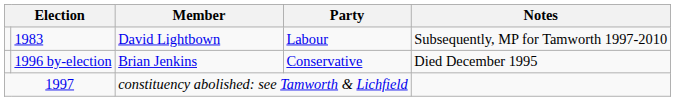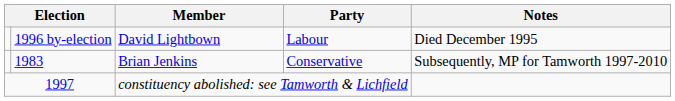 <table class="wikitable">
 <tr>
 <th colspan="2">Election</th>
 <th>Member</th>
 <th>Party</th>
 <th>Notes</th>
 </tr>
 <tr>
 <td style="color:inherit;background-color: "></td>
-<td><a href='#'>1983</a></td>
+<td><a href='#'>1996 by-election</a></td>
 <td><a href='#'>David Lightbown</a></td>
 <td><a href='#'>Labour</a></td>
-<td>Subsequently, MP for Tamworth 1997-2010</td>
+<td>Died December 1995</td>
 </tr>
 <tr>
 <td style="color:inherit;background-color: "></td>
-<td><a href='#'>1996 by-election</a></td>
+<td><a href='#'>1983</a></td>
 <td><a href='#'>Brian Jenkins</a></td>
 <td><a href='#'>Conservative</a></td>
-<td>Died December 1995</td>
+<td>Subsequently, MP for Tamworth 1997-2010</td>
 </tr>
 <tr>
 <td colspan="2" align="center"><a href='#'>1997</a></td>
 <td colspan="2"><em>constituency abolished: see <a href='#'>Tamworth</a> & <a href='#'>Lichfield</a></em></td>
 </tr>
 </table>
